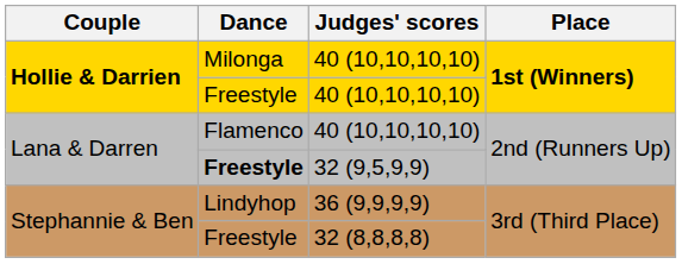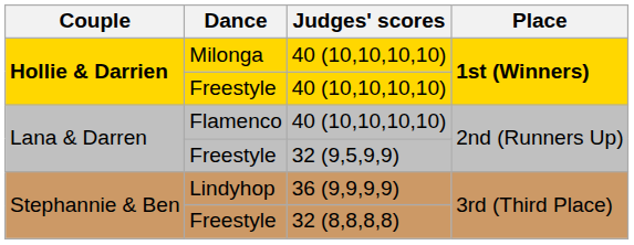 <table class="wikitable sortable">
 <tr>
 <th>Couple</th>
 <th>Dance</th>
 <th>Judges' scores</th>
 <th>Place</th>
 </tr>
 <tr style="background:gold">
 <td rowspan="2"><strong>Hollie & Darrien</strong></td>
 <td>Milonga</td>
 <td>40 (10,10,10,10)</td>
 <td rowspan="2"><strong>1st (Winners)</strong></td>
 </tr>
 <tr style="background:gold">
 <td>Freestyle</td>
 <td>40 (10,10,10,10)</td>
 </tr>
 <tr style="background:silver">
 <td rowspan="2">Lana & Darren</td>
 <td>Flamenco</td>
 <td>40 (10,10,10,10)</td>
 <td rowspan="2">2nd (Runners Up)</td>
 </tr>
 <tr style="background:silver">
-<td><strong>Freestyle</strong></td>
+<td>Freestyle</td>
 <td>32 (9,5,9,9)</td>
 </tr>
 <tr bgcolor=#c96>
 <td rowspan="2">Stephannie & Ben</td>
 <td>Lindyhop</td>
 <td>36 (9,9,9,9)</td>
 <td rowspan="2">3rd (Third Place)</td>
 </tr>
 <tr bgcolor=#c96>
 <td>Freestyle</td>
 <td>32 (8,8,8,8)</td>
 </tr>
 </table>
